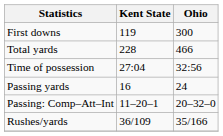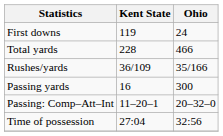 <table class="wikitable" style="float: left;">
 <tr>
 <th>Statistics</th>
 <th>Kent State</th>
 <th>Ohio</th>
 </tr>
 <tr>
 <td>First downs</td>
 <td>119</td>
-<td>300</td>
+<td>24</td>
 </tr>
 <tr>
 <td>Total yards</td>
 <td>228</td>
 <td>466</td>
 </tr>
 <tr>
-<td>Time of possession</td>
-<td>27:04</td>
-<td>32:56</td>
+<td>Rushes/yards</td>
+<td>36/109</td>
+<td>35/166</td>
 </tr>
 <tr>
 <td>Passing yards</td>
 <td>16</td>
-<td>24</td>
+<td>300</td>
 </tr>
 <tr>
 <td>Passing: Comp–Att–Int</td>
 <td>11–20–1</td>
 <td>20–32–0</td>
 </tr>
 <tr>
-<td>Rushes/yards</td>
-<td>36/109</td>
-<td>35/166</td>
+<td>Time of possession</td>
+<td>27:04</td>
+<td>32:56</td>
 </tr>
 <tr>
 </tr>
 </table>
